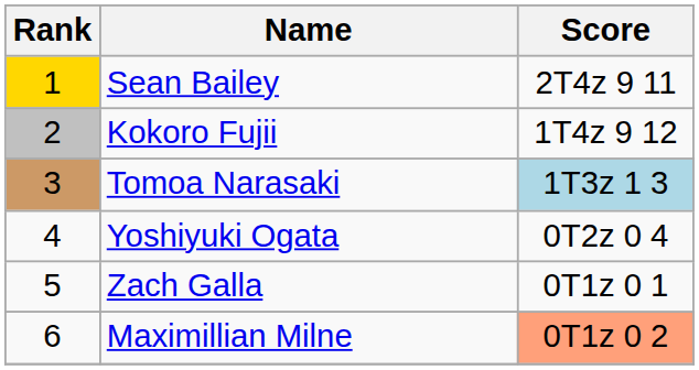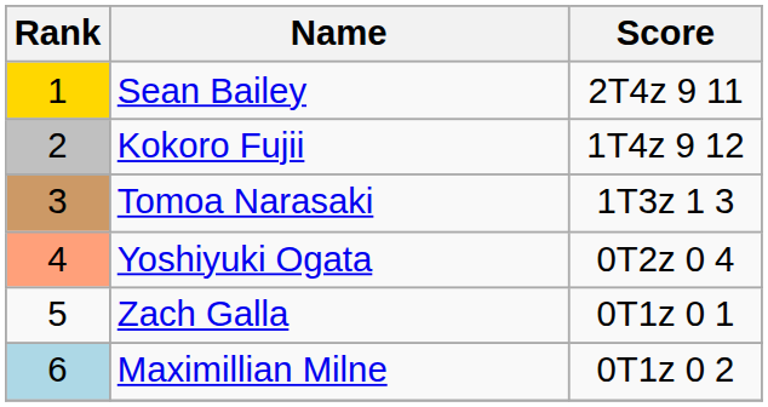 <table class="wikitable">
 <tr>
 <th>Rank</th>
 <th width = "200">Name</th>
 <th width = "80">Score</th>
 </tr>
 <tr>
 <td align="center" style="background: gold">1</td>
 <td> <a href='#'>Sean Bailey</a></td>
 <td align="center">2T4z 9 11</td>
 </tr>
 <tr>
 <td align="center" style="background: silver">2</td>
 <td> <a href='#'>Kokoro Fujii</a></td>
 <td align="center">1T4z 9 12</td>
 </tr>
 <tr>
 <td align="center" style="background: #cc9966">3</td>
 <td> <a href='#'>Tomoa Narasaki</a></td>
-<td align="center" style="background: lightblue;">1T3z 1 3</td>
+<td align="center">1T3z 1 3</td>
 </tr>
 <tr>
-<td align="center">4</td>
+<td align="center" style="background: lightsalmon;">4</td>
 <td> <a href='#'>Yoshiyuki Ogata</a></td>
 <td align="center">0T2z 0 4</td>
 </tr>
 <tr>
 <td align="center">5</td>
 <td> <a href='#'>Zach Galla</a></td>
 <td align="center">0T1z 0 1</td>
 </tr>
 <tr>
-<td align="center">6</td>
+<td align="center" style="background: lightblue;">6</td>
 <td> <a href='#'>Maximillian Milne</a></td>
-<td align="center" style="background: lightsalmon;">0T1z 0 2</td>
+<td align="center">0T1z 0 2</td>
 </tr>
 <tr>
 </tr>
 </table>
